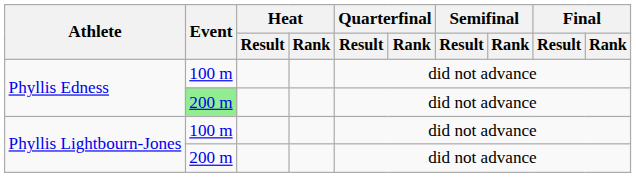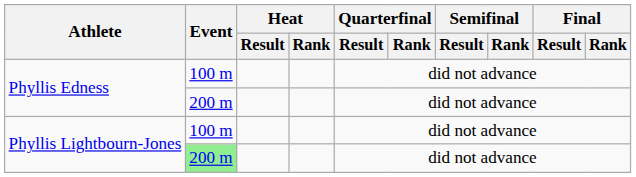 <table class="wikitable" style="font-size:90%">
 <tr>
 <th rowspan="2">Athlete</th>
 <th rowspan="2">Event</th>
 <th colspan="2">Heat</th>
 <th colspan="2">Quarterfinal</th>
 <th colspan="2">Semifinal</th>
 <th colspan="2">Final</th>
 </tr>
 <tr style="font-size:95%">
 <th>Result</th>
 <th>Rank</th>
 <th>Result</th>
 <th>Rank</th>
 <th>Result</th>
 <th>Rank</th>
 <th>Result</th>
 <th>Rank</th>
 </tr>
 <tr align=center>
 <td align=left rowspan=2><a href='#'>Phyllis Edness</a></td>
 <td align=left><a href='#'>100 m</a></td>
 <td></td>
 <td></td>
 <td colspan=6>did not advance</td>
 </tr>
 <tr align=center>
-<td align=left style="background: lightgreen;"><a href='#'>200 m</a></td>
+<td align=left><a href='#'>200 m</a></td>
 <td></td>
 <td></td>
 <td colspan=6>did not advance</td>
 </tr>
 <tr align=center>
 <td align=left rowspan=2><a href='#'>Phyllis Lightbourn-Jones</a></td>
 <td align=left><a href='#'>100 m</a></td>
 <td></td>
 <td></td>
 <td colspan=6>did not advance</td>
 </tr>
 <tr align=center>
-<td align=left><a href='#'>200 m</a></td>
+<td align=left style="background: lightgreen;"><a href='#'>200 m</a></td>
 <td></td>
 <td></td>
 <td colspan=6>did not advance</td>
 </tr>
 </table>
